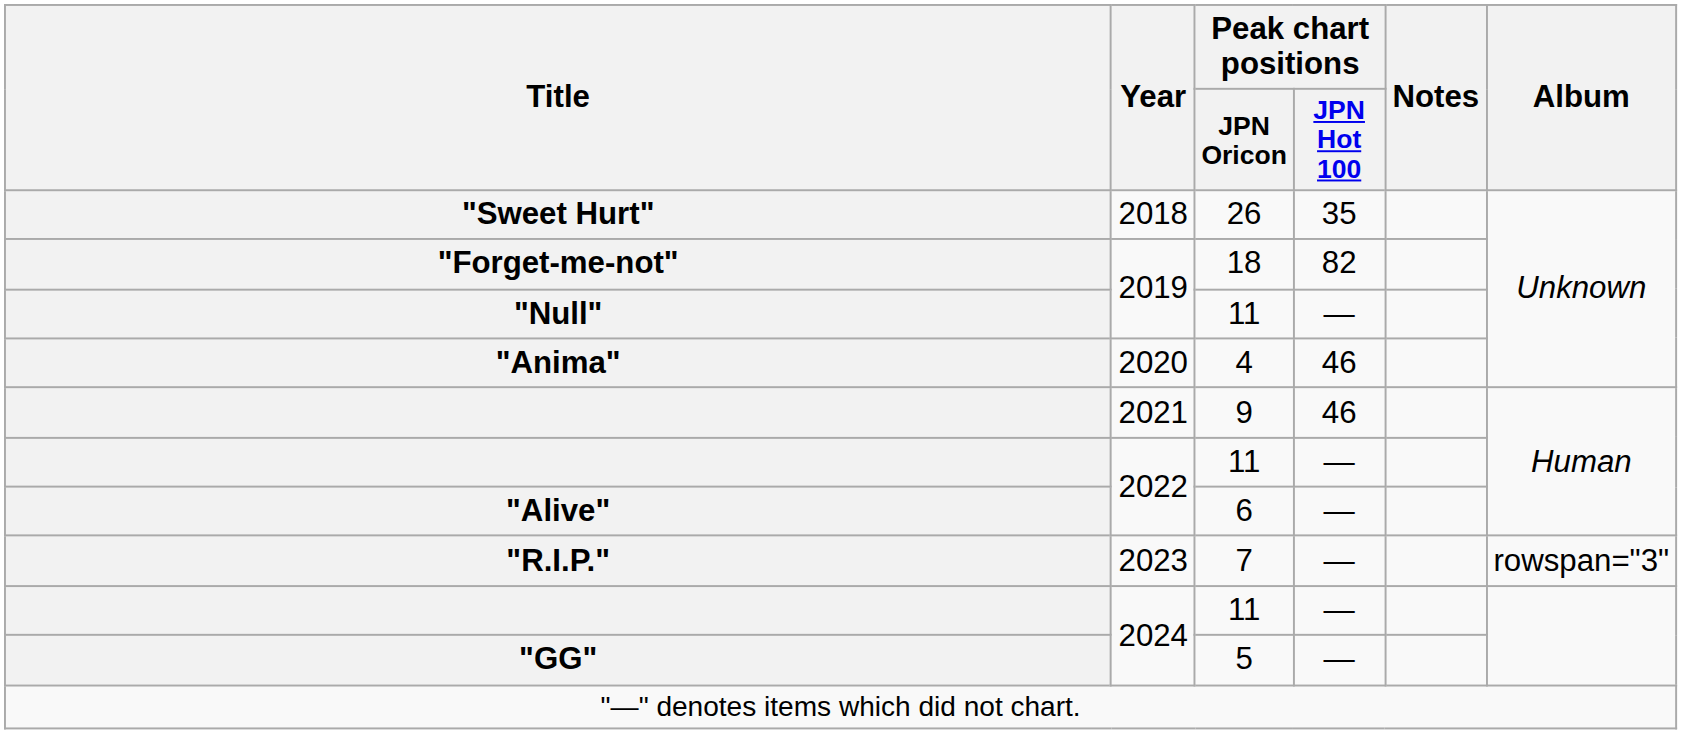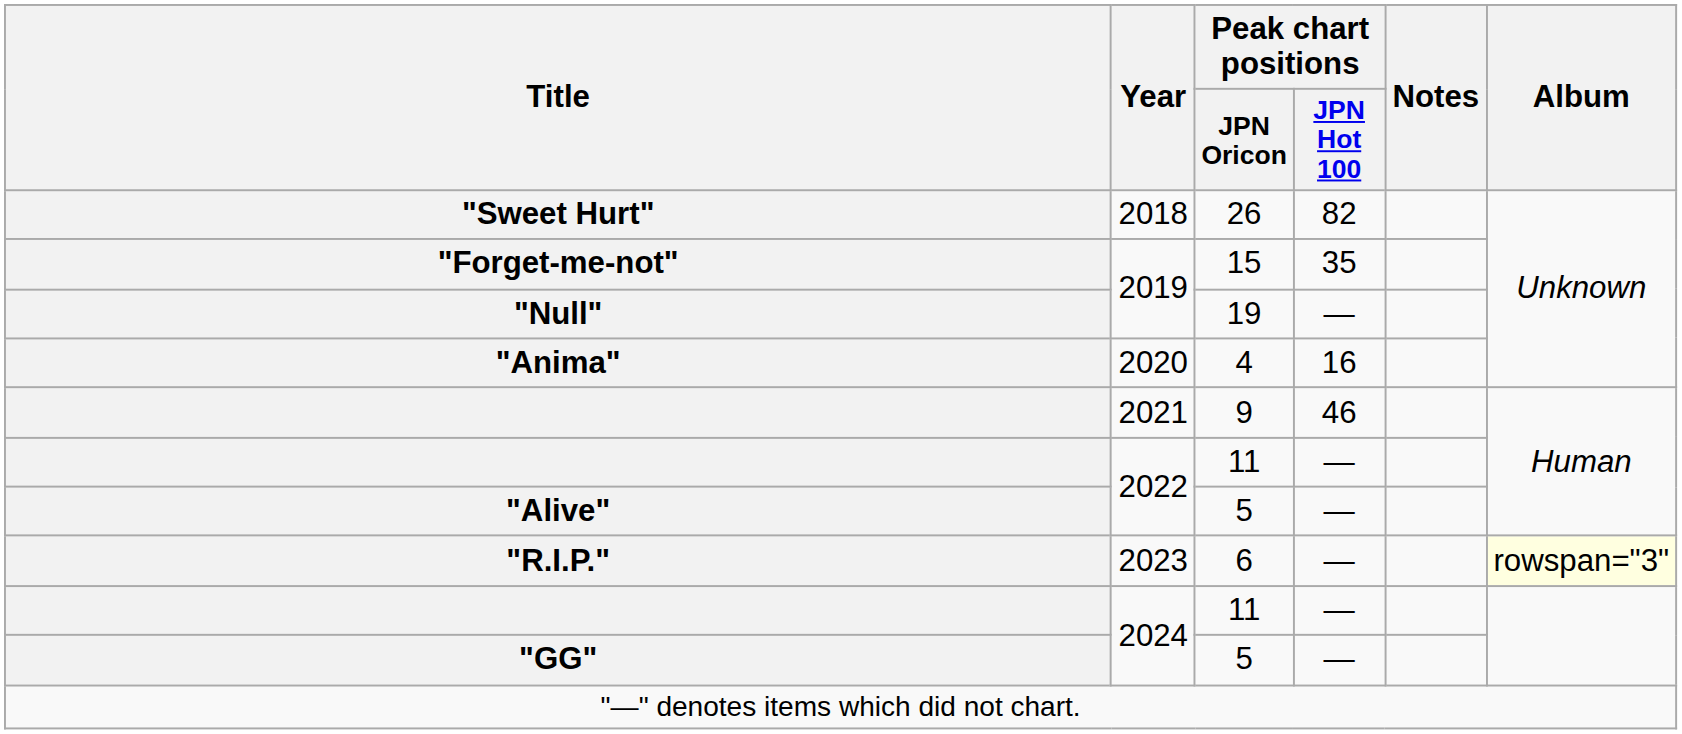 <table class="wikitable plainrowheaders" style="text-align:center;">
 <tr>
 <th scope="col" rowspan="2" style="width:35em;">Title</th>
 <th scope="col" rowspan="2">Year</th>
 <th scope="col" colspan="2">Peak chart positions</th>
 <th scope="col" rowspan="2">Notes<br></th>
 <th scope="col" rowspan="2">Album</th>
 </tr>
 <tr>
 <th style="width:3em;font-size:85%">JPN Oricon<br></th>
 <th style="width:3em;font-size:85%"><a href='#'>JPN Hot 100</a><br></th>
 </tr>
 <tr>
 <th scope="row">"Sweet Hurt"</th>
 <td>2018</td>
 <td>26</td>
-<td>35</td>
+<td>82</td>
 <td align=left></td>
 <td rowspan="4"><em>Unknown</em></td>
 </tr>
 <tr>
 <th scope="row">"Forget-me-not"</th>
 <td rowspan="2">2019</td>
-<td>18</td>
-<td>82</td>
+<td>15</td>
+<td>35</td>
 <td align=left></td>
 </tr>
 <tr>
 <th scope="row">"Null"</th>
-<td>11</td>
+<td>19</td>
 <td>—</td>
 <td></td>
 </tr>
 <tr>
 <th scope="row">"Anima"</th>
 <td rowspan="1">2020</td>
 <td>4</td>
-<td>46</td>
+<td>16</td>
 <td align=left></td>
 </tr>
 <tr>
 <th scope="row"></th>
 <td rowspan="1">2021</td>
 <td>9</td>
 <td>46</td>
 <td align=left></td>
 <td rowspan="3"><em>Human</em></td>
 </tr>
 <tr>
 <th scope="row"></th>
 <td rowspan="2">2022</td>
 <td>11</td>
 <td>—</td>
 <td align=left></td>
 </tr>
 <tr>
 <th scope="row">"Alive"</th>
-<td>6</td>
+<td>5</td>
 <td>—</td>
 <td align=left></td>
 </tr>
 <tr>
 <th scope="row">"R.I.P."</th>
 <td rowspan="1">2023</td>
-<td>7</td>
+<td>6</td>
 <td>—</td>
 <td align=left></td>
-<td>rowspan="3" </td>
+<td style="background: lightyellow;">rowspan="3" </td>
 </tr>
 <tr>
 <th scope="row"></th>
 <td rowspan="2">2024</td>
 <td>11</td>
 <td>—</td>
 <td align=left></td>
 </tr>
 <tr>
 <th scope="row">"GG"</th>
 <td>5</td>
 <td>—</td>
 <td align=left></td>
 </tr>
 <tr>
 <td colspan="6" align="center" style="font-size:90%;">"—" denotes items which did not chart.</td>
 </tr>
 </table>
